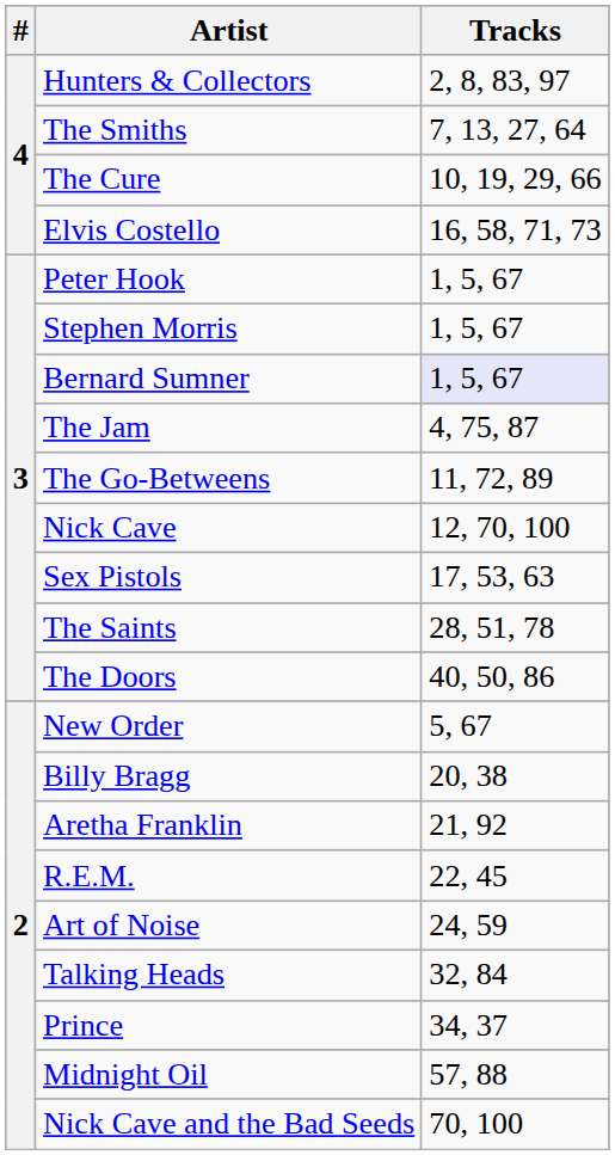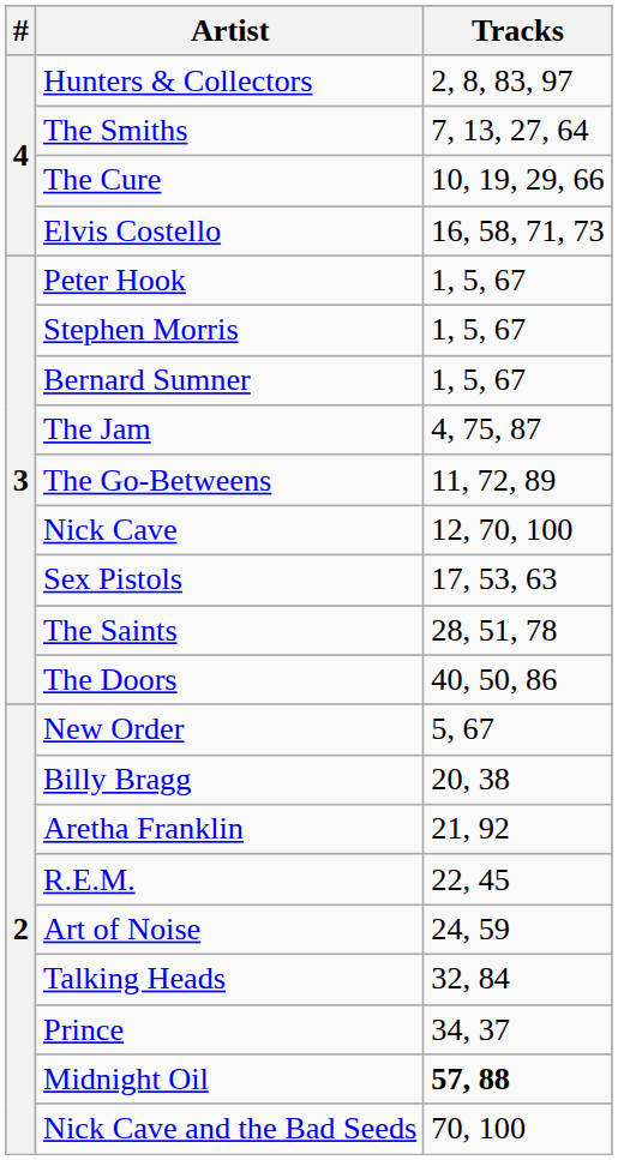 <table class="wikitable sortable">
 <tr>
 <th>#</th>
 <th>Artist</th>
 <th>Tracks</th>
 </tr>
 <tr>
 <th rowspan="4">4</th>
 <td><a href='#'>Hunters & Collectors</a></td>
 <td>2, 8, 83, 97</td>
 </tr>
 <tr>
 <td><a href='#'>The Smiths</a></td>
 <td>7, 13, 27, 64</td>
 </tr>
 <tr>
 <td><a href='#'>The Cure</a></td>
 <td>10, 19, 29, 66</td>
 </tr>
 <tr>
 <td><a href='#'>Elvis Costello</a></td>
 <td>16, 58, 71, 73</td>
 </tr>
 <tr>
 <th rowspan="9">3</th>
 <td><a href='#'>Peter Hook</a></td>
 <td>1, 5, 67</td>
 </tr>
 <tr>
 <td><a href='#'>Stephen Morris</a></td>
 <td>1, 5, 67</td>
 </tr>
 <tr>
 <td><a href='#'>Bernard Sumner</a></td>
-<td style="background: lavender;">1, 5, 67</td>
+<td>1, 5, 67</td>
 </tr>
 <tr>
 <td><a href='#'>The Jam</a></td>
 <td>4, 75, 87</td>
 </tr>
 <tr>
 <td><a href='#'>The Go-Betweens</a></td>
 <td>11, 72, 89</td>
 </tr>
 <tr>
 <td><a href='#'>Nick Cave</a></td>
 <td>12, 70, 100</td>
 </tr>
 <tr>
 <td><a href='#'>Sex Pistols</a></td>
 <td>17, 53, 63</td>
 </tr>
 <tr>
 <td><a href='#'>The Saints</a></td>
 <td>28, 51, 78</td>
 </tr>
 <tr>
 <td><a href='#'>The Doors</a></td>
 <td>40, 50, 86</td>
 </tr>
 <tr>
 <th rowspan="9">2</th>
 <td><a href='#'>New Order</a></td>
 <td>5, 67</td>
 </tr>
 <tr>
 <td><a href='#'>Billy Bragg</a></td>
 <td>20, 38</td>
 </tr>
 <tr>
 <td><a href='#'>Aretha Franklin</a></td>
 <td>21, 92</td>
 </tr>
 <tr>
 <td><a href='#'>R.E.M.</a></td>
 <td>22, 45</td>
 </tr>
 <tr>
 <td><a href='#'>Art of Noise</a></td>
 <td>24, 59</td>
 </tr>
 <tr>
 <td><a href='#'>Talking Heads</a></td>
 <td>32, 84</td>
 </tr>
 <tr>
 <td><a href='#'>Prince</a></td>
 <td>34, 37</td>
 </tr>
 <tr>
 <td><a href='#'>Midnight Oil</a></td>
-<td>57, 88</td>
+<td><strong>57, 88</strong></td>
 </tr>
 <tr>
 <td><a href='#'>Nick Cave and the Bad Seeds</a></td>
 <td>70, 100</td>
 </tr>
 </table>
